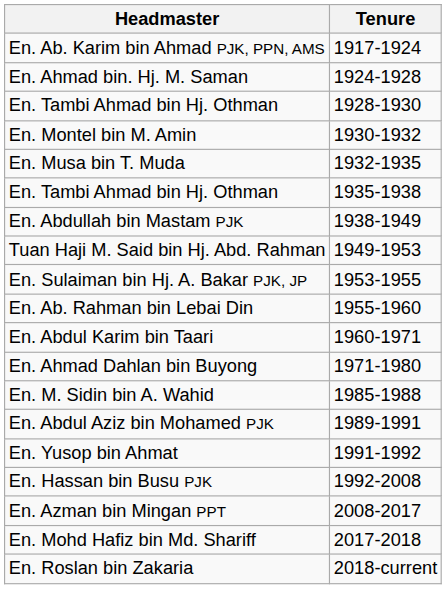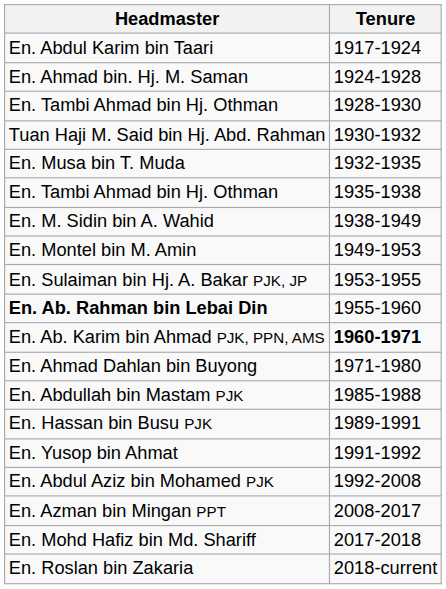 <table class="wikitable" style="text-align:right; margin-right:60px">
 <tr>
 <th>Headmaster</th>
 <th>Tenure</th>
 </tr>
 <tr>
-<td align=left>En. Ab. Karim bin Ahmad <small>PJK, PPN, AMS</small></td>
+<td align=left>En. Abdul Karim bin Taari</td>
 <td align=left>1917-1924</td>
 </tr>
 <tr>
 <td align=left>En. Ahmad bin. Hj. M. Saman</td>
 <td align=left>1924-1928</td>
 </tr>
 <tr>
 <td align=left>En. Tambi Ahmad bin Hj. Othman</td>
 <td align=left>1928-1930</td>
 </tr>
 <tr>
-<td align=left>En. Montel bin M. Amin</td>
+<td align=left>Tuan Haji M. Said bin Hj. Abd. Rahman</td>
 <td align=left>1930-1932</td>
 </tr>
 <tr>
 <td align=left>En. Musa bin T. Muda</td>
 <td align=left>1932-1935</td>
 </tr>
 <tr>
 <td align=left>En. Tambi Ahmad bin Hj. Othman</td>
 <td align=left>1935-1938</td>
 </tr>
 <tr>
-<td align=left>En. Abdullah bin Mastam <small>PJK</small></td>
+<td align=left>En. M. Sidin bin A. Wahid</td>
 <td align=left>1938-1949</td>
 </tr>
 <tr>
-<td align=left>Tuan Haji M. Said bin Hj. Abd. Rahman</td>
+<td align=left>En. Montel bin M. Amin</td>
 <td align=left>1949-1953</td>
 </tr>
 <tr>
 <td align=left>En. Sulaiman bin Hj. A. Bakar <small>PJK, JP</small></td>
 <td align=left>1953-1955</td>
 </tr>
 <tr>
-<td align=left>En. Ab. Rahman bin Lebai Din</td>
+<td align=left><strong>En. Ab. Rahman bin Lebai Din</strong></td>
 <td align=left>1955-1960</td>
 </tr>
 <tr>
-<td align=left>En. Abdul Karim bin Taari</td>
-<td align=left>1960-1971</td>
+<td align=left>En. Ab. Karim bin Ahmad <small>PJK, PPN, AMS</small></td>
+<td align=left><strong>1960-1971</strong></td>
 </tr>
 <tr>
 <td align=left>En. Ahmad Dahlan bin Buyong</td>
 <td align=left>1971-1980</td>
 </tr>
 <tr>
-<td align=left>En. M. Sidin bin A. Wahid</td>
+<td align=left>En. Abdullah bin Mastam <small>PJK</small></td>
 <td align=left>1985-1988</td>
 </tr>
 <tr>
-<td align=left>En. Abdul Aziz bin Mohamed <small>PJK</small></td>
+<td align=left>En. Hassan bin Busu <small>PJK</small></td>
 <td align=left>1989-1991</td>
 </tr>
 <tr>
 <td align=left>En. Yusop bin Ahmat</td>
 <td align=left>1991-1992</td>
 </tr>
 <tr>
-<td align=left>En. Hassan bin Busu <small>PJK</small></td>
+<td align=left>En. Abdul Aziz bin Mohamed <small>PJK</small></td>
 <td align=left>1992-2008</td>
 </tr>
 <tr>
 <td align=left>En. Azman bin Mingan <small>PPT</small></td>
 <td align=left>2008-2017</td>
 </tr>
 <tr>
 <td align=left>En. Mohd Hafiz bin Md. Shariff</td>
 <td align=left>2017-2018</td>
 </tr>
 <tr>
 <td align=left>En. Roslan bin Zakaria</td>
 <td align=left>2018-current</td>
 </tr>
 </table>
